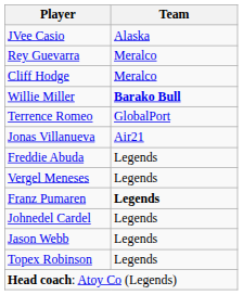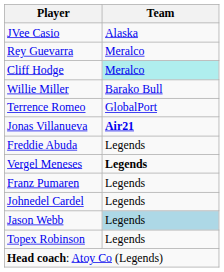 <table class="wikitable" style="text-align:center">
 <tr>
 <th scope="col" width="125px">Player</th>
 <th scope="col" width="150px">Team</th>
 </tr>
 <tr>
 <td style="text-align:left"><a href='#'>JVee Casio</a></td>
 <td style="text-align:left"><a href='#'>Alaska</a></td>
 </tr>
 <tr>
 <td style="text-align:left"><a href='#'>Rey Guevarra</a></td>
 <td style="text-align:left"><a href='#'>Meralco</a></td>
 </tr>
 <tr>
 <td style="text-align:left"><a href='#'>Cliff Hodge</a></td>
-<td style="text-align:left"><a href='#'>Meralco</a></td>
+<td style="background: paleturquoise; text-align:left"><a href='#'>Meralco</a></td>
 </tr>
 <tr>
 <td style="text-align:left"><a href='#'>Willie Miller</a></td>
-<td style="text-align:left"><strong><a href='#'>Barako Bull</a></strong></td>
+<td style="text-align:left"><a href='#'>Barako Bull</a></td>
 </tr>
 <tr>
 <td style="text-align:left"><a href='#'>Terrence Romeo</a> </td>
 <td style="text-align:left"><a href='#'>GlobalPort</a></td>
 </tr>
 <tr>
 <td style="text-align:left"><a href='#'>Jonas Villanueva</a></td>
-<td style="text-align:left"><a href='#'>Air21</a></td>
+<td style="text-align:left"><strong><a href='#'>Air21</a></strong></td>
 </tr>
 <tr>
 <td style="text-align:left"><a href='#'>Freddie Abuda</a></td>
 <td style="text-align:left">Legends</td>
 </tr>
 <tr>
 <td style="text-align:left"><a href='#'>Vergel Meneses</a> </td>
-<td style="text-align:left">Legends</td>
+<td style="text-align:left"><strong>Legends</strong></td>
 </tr>
 <tr>
 <td style="text-align:left"><a href='#'>Franz Pumaren</a></td>
-<td style="text-align:left"><strong>Legends</strong></td>
+<td style="text-align:left">Legends</td>
 </tr>
 <tr>
 <td style="text-align:left"><a href='#'>Johnedel Cardel</a></td>
 <td style="text-align:left">Legends</td>
 </tr>
 <tr>
 <td style="text-align:left"><a href='#'>Jason Webb</a>  </td>
-<td style="text-align:left">Legends</td>
+<td style="background: lightblue; text-align:left">Legends</td>
 </tr>
 <tr>
 <td style="text-align:left"><a href='#'>Topex Robinson</a> </td>
 <td style="text-align:left">Legends</td>
 </tr>
 <tr>
 <td style="text-align:left" colspan="3"><strong>Head coach</strong>: <a href='#'>Atoy Co</a> (Legends)</td>
 </tr>
 </table>
